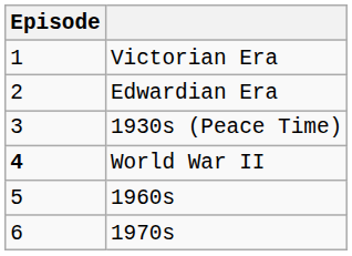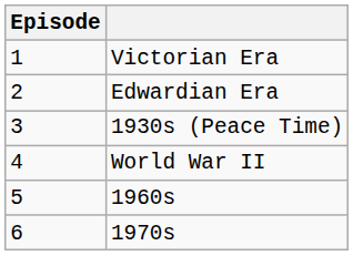 <table class="wikitable">
 <tr>
 <th>Episode</th>
 <th></th>
 </tr>
 <tr>
 <td>1</td>
 <td>Victorian Era</td>
 </tr>
 <tr>
 <td>2</td>
 <td>Edwardian Era</td>
 </tr>
 <tr>
 <td>3</td>
 <td>1930s (Peace Time)</td>
 </tr>
 <tr>
-<td><strong>4</strong></td>
+<td>4</td>
 <td>World War II</td>
 </tr>
 <tr>
 <td>5</td>
 <td>1960s</td>
 </tr>
 <tr>
 <td>6</td>
 <td>1970s</td>
 </tr>
 </table>
